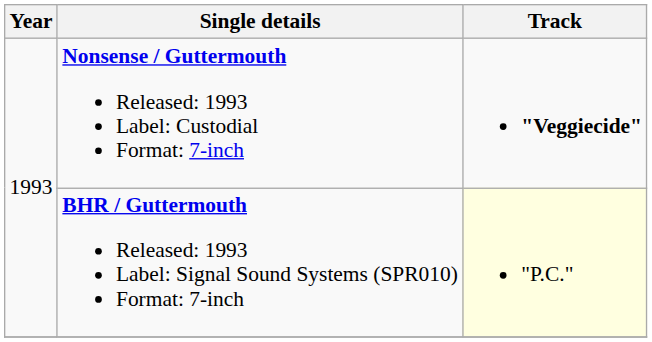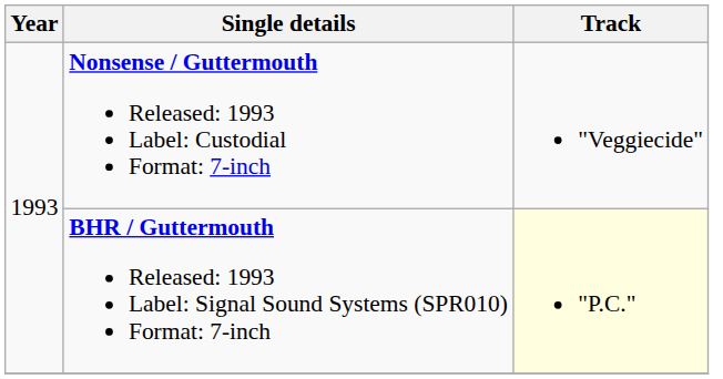 <table class ="wikitable">
 <tr>
 <th>Year</th>
 <th>Single details</th>
 <th>Track</th>
 </tr>
 <tr>
 <td rowspan="2">1993</td>
 <td><strong><a href='#'>Nonsense / Guttermouth</a></strong><br><ul><li>Released: 1993</li><li>Label: Custodial</li><li>Format: <a href='#'>7-inch</a></li></ul></td>
-<td><strong><br><ul><li>"Veggiecide"</li></ul></strong></td>
+<td><br><ul><li>"Veggiecide"</li></ul></td>
 </tr>
 <tr>
 <td><strong><a href='#'>BHR / Guttermouth</a></strong><br><ul><li>Released: 1993</li><li>Label: Signal Sound Systems (SPR010)</li><li>Format: 7-inch</li></ul></td>
 <td style="background: lightyellow;"><br><ul><li>"P.C."</li></ul></td>
 </tr>
 <tr>
 </tr>
 </table>
